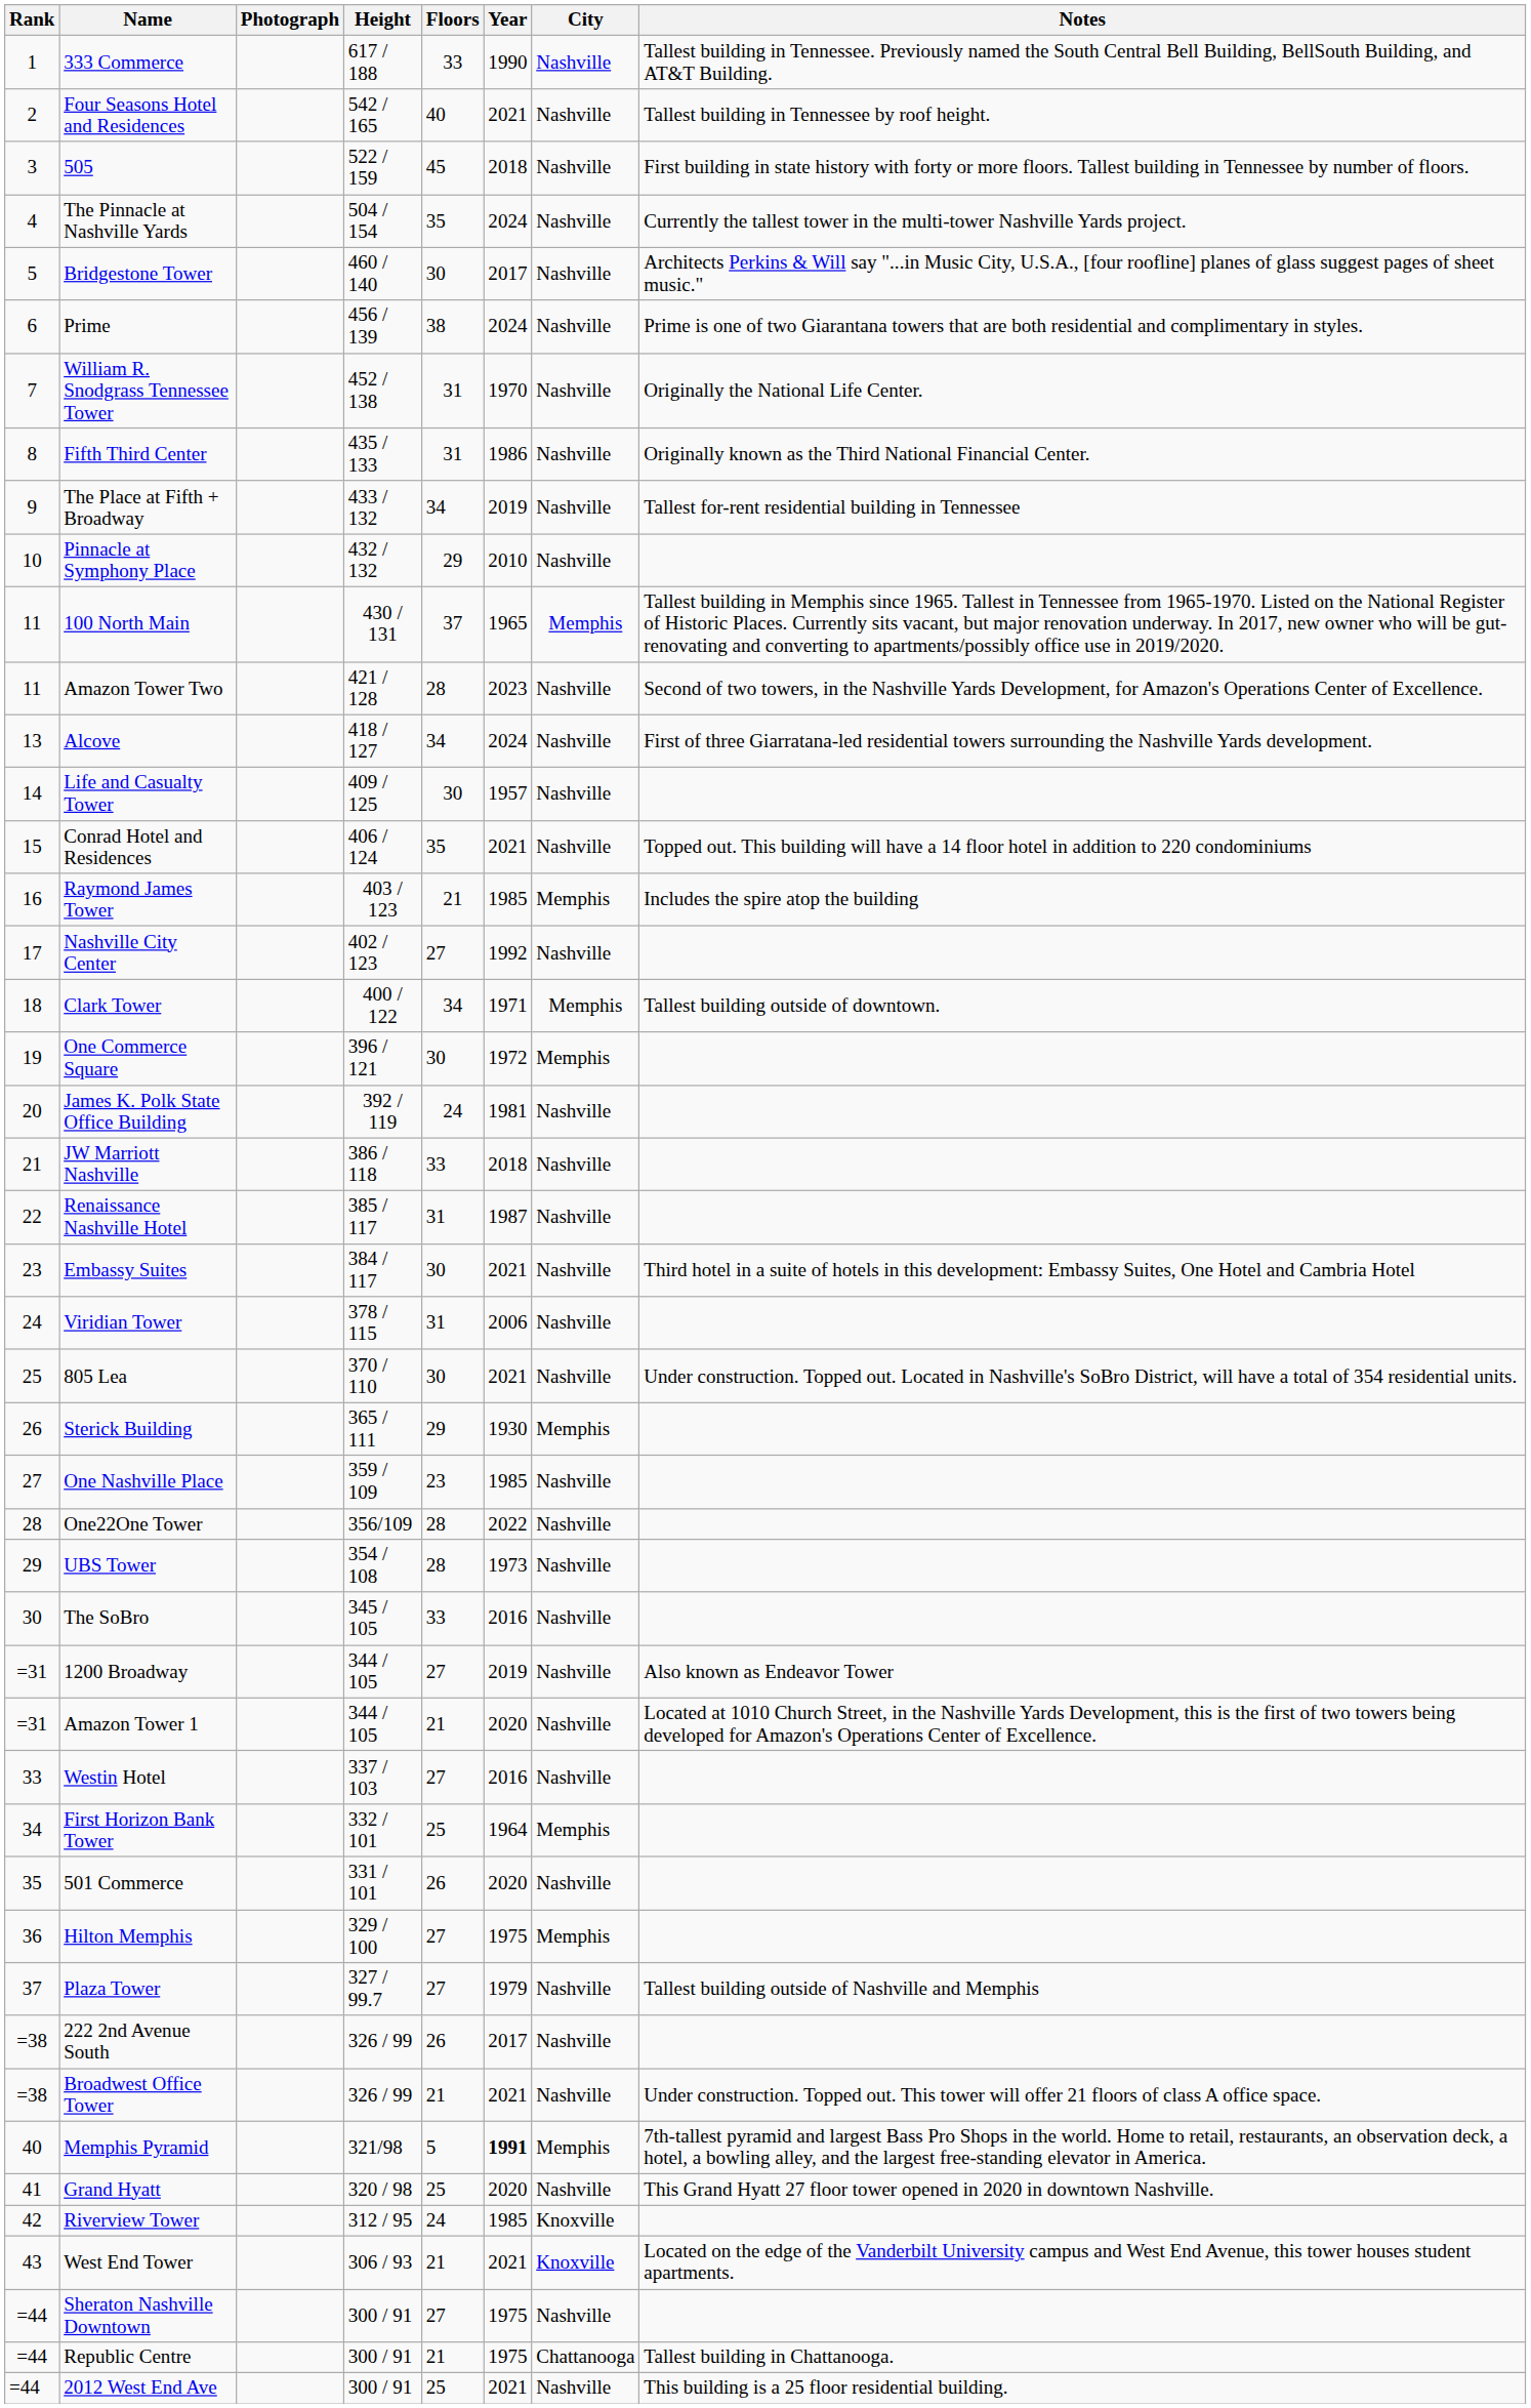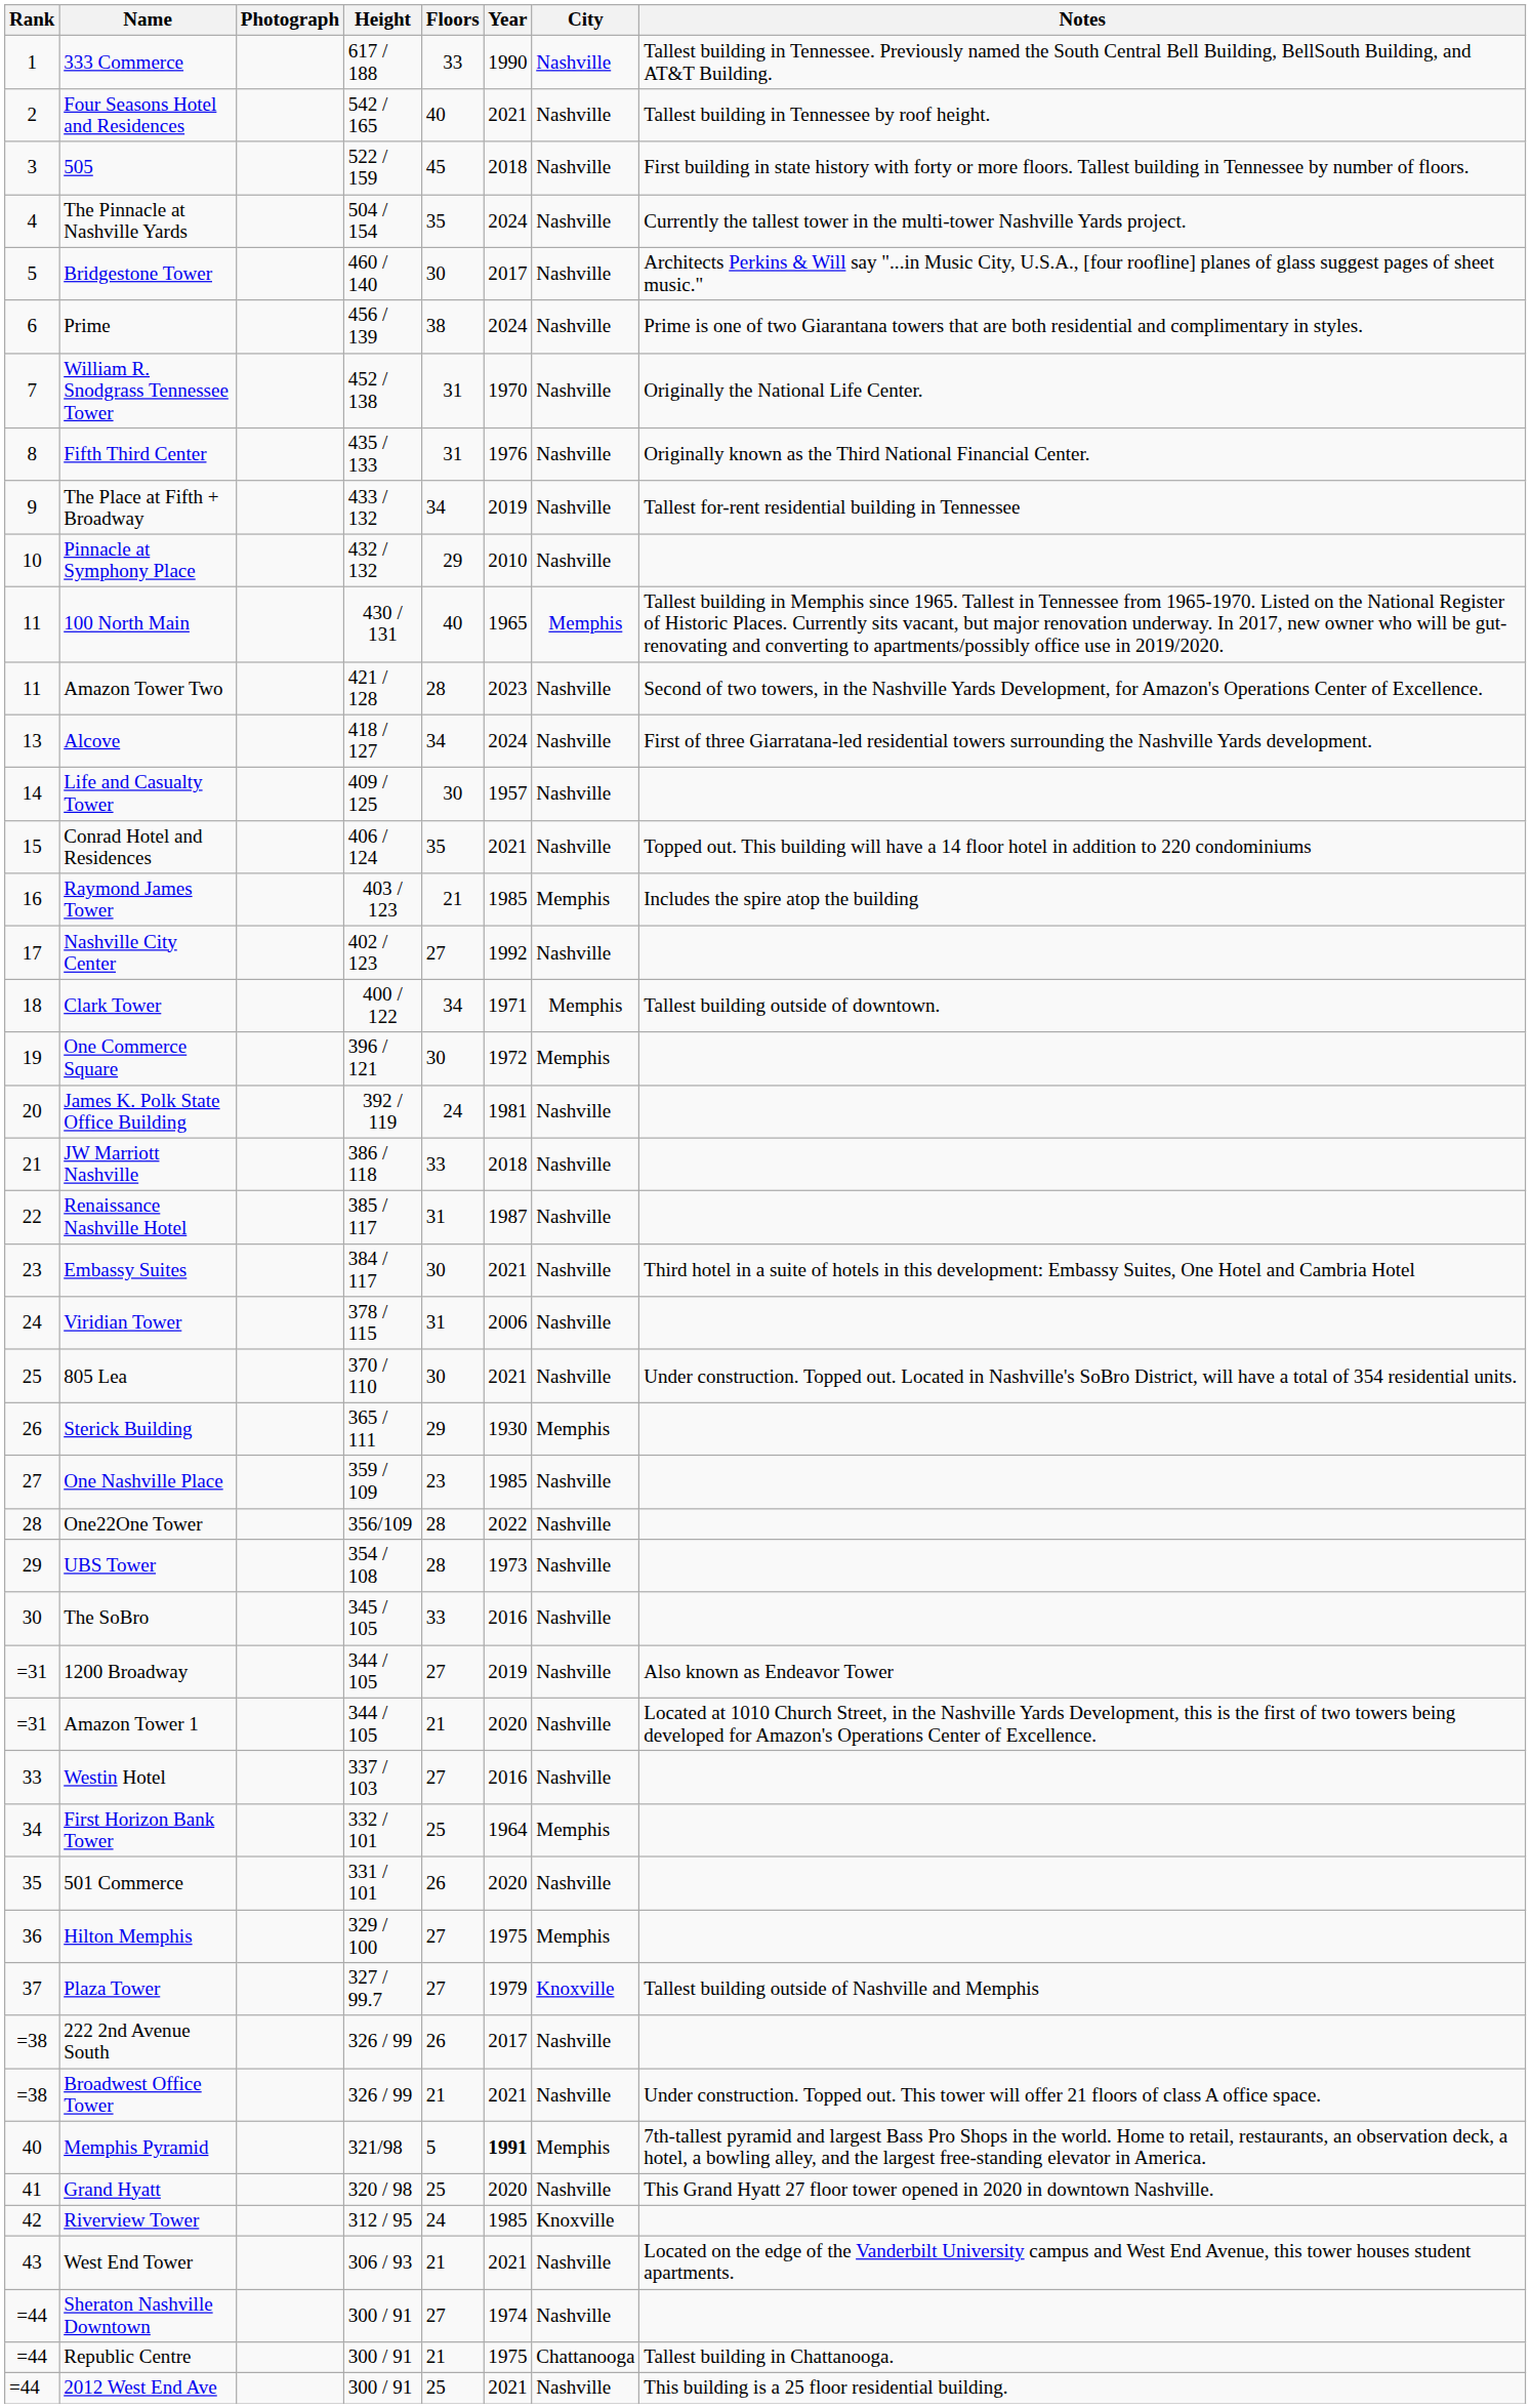 <table class="wikitable sortable">
 <tr>
 <th>Rank</th>
 <th>Name</th>
 <th>Photograph</th>
 <th>Height</th>
 <th>Floors</th>
 <th>Year</th>
 <th>City</th>
 <th class="unsortable">Notes</th>
 </tr>
 <tr>
 <td align="center">1</td>
 <td><a href='#'>333 Commerce</a></td>
 <td></td>
 <td>617 / 188</td>
 <td align="center">33</td>
 <td align="center">1990</td>
 <td><a href='#'>Nashville</a></td>
 <td>Tallest building in Tennessee. Previously named the South Central Bell Building, BellSouth Building, and AT&T Building.</td>
 </tr>
 <tr>
 <td align="center">2</td>
 <td><a href='#'>Four Seasons Hotel and Residences</a></td>
 <td></td>
 <td>542 / 165</td>
 <td>40</td>
 <td>2021</td>
 <td>Nashville</td>
 <td>Tallest building in Tennessee by roof height.</td>
 </tr>
 <tr>
 <td align="center">3</td>
 <td><a href='#'>505</a></td>
 <td></td>
 <td>522 / 159</td>
 <td>45</td>
 <td>2018</td>
 <td>Nashville</td>
 <td>First building in state history with forty or more floors. Tallest building in Tennessee by number of floors.</td>
 </tr>
 <tr>
 <td align="center">4</td>
 <td>The Pinnacle at Nashville Yards</td>
 <td></td>
 <td>504 / 154</td>
 <td>35</td>
 <td>2024</td>
 <td>Nashville</td>
 <td>Currently the tallest tower in the multi-tower Nashville Yards project.</td>
 </tr>
 <tr>
 <td align="center">5</td>
 <td><a href='#'>Bridgestone Tower</a></td>
 <td></td>
 <td>460 / 140</td>
 <td>30</td>
 <td>2017</td>
 <td>Nashville</td>
 <td>Architects <a href='#'>Perkins & Will</a> say "...in Music City, U.S.A., [four roofline] planes of glass suggest pages of sheet music."</td>
 </tr>
 <tr>
 <td align="center">6</td>
 <td>Prime</td>
 <td></td>
 <td>456 / 139</td>
 <td>38</td>
 <td>2024</td>
 <td>Nashville</td>
 <td>Prime is one of two Giarantana towers that are both residential and complimentary in styles.</td>
 </tr>
 <tr>
 <td align="center">7</td>
 <td><a href='#'>William R. Snodgrass Tennessee Tower</a></td>
 <td></td>
 <td>452 / 138</td>
 <td align="center">31</td>
 <td align="center">1970</td>
 <td>Nashville</td>
 <td>Originally the National Life Center.</td>
 </tr>
 <tr>
 <td align="center">8</td>
 <td><a href='#'>Fifth Third Center</a></td>
 <td></td>
 <td>435 / 133</td>
 <td align="center">31</td>
-<td align="center">1986</td>
+<td align="center">1976</td>
 <td>Nashville</td>
 <td>Originally known as the Third National Financial Center.</td>
 </tr>
 <tr>
 <td align="center">9</td>
 <td>The Place at Fifth + Broadway</td>
 <td></td>
 <td>433 / 132</td>
 <td>34</td>
 <td>2019</td>
 <td>Nashville</td>
 <td>Tallest for-rent residential building in Tennessee</td>
 </tr>
 <tr>
 <td align="center">10</td>
 <td><a href='#'>Pinnacle at Symphony Place</a></td>
 <td></td>
 <td>432 / 132</td>
 <td align="center">29</td>
 <td align="center">2010</td>
 <td>Nashville</td>
 <td></td>
 </tr>
 <tr>
 <td align="center">11</td>
 <td><a href='#'>100 North Main</a></td>
 <td></td>
 <td align="center">430 / 131</td>
-<td align="center">37</td>
+<td align="center">40</td>
 <td align="center">1965</td>
 <td align="center"><a href='#'>Memphis</a></td>
 <td>Tallest building in Memphis since 1965. Tallest in Tennessee from 1965-1970. Listed on the National Register of Historic Places. Currently sits vacant, but major renovation underway. In 2017, new owner who will be gut-renovating and converting to apartments/possibly office use in 2019/2020.</td>
 </tr>
 <tr>
 <td align="center">11</td>
 <td>Amazon Tower Two</td>
 <td></td>
 <td>421 / 128</td>
 <td>28</td>
 <td>2023</td>
 <td>Nashville</td>
 <td>Second of two towers, in the Nashville Yards Development, for Amazon's Operations Center of Excellence.</td>
 </tr>
 <tr>
 <td align="center">13</td>
 <td><a href='#'>Alcove</a></td>
 <td></td>
 <td>418 / 127</td>
 <td>34</td>
 <td>2024</td>
 <td>Nashville</td>
 <td>First of three Giarratana-led residential towers surrounding the Nashville Yards development.</td>
 </tr>
 <tr>
 <td align="center">14</td>
 <td><a href='#'>Life and Casualty Tower</a></td>
 <td></td>
 <td>409 / 125</td>
 <td align="center">30</td>
 <td align="center">1957</td>
 <td>Nashville</td>
 <td></td>
 </tr>
 <tr>
 <td align="center">15</td>
 <td>Conrad Hotel and Residences</td>
 <td></td>
 <td>406 / 124</td>
 <td>35</td>
 <td>2021</td>
 <td>Nashville</td>
 <td>Topped out. This building will have a 14 floor hotel in addition to 220 condominiums </td>
 </tr>
 <tr>
 <td align="center">16</td>
 <td><a href='#'>Raymond James Tower</a></td>
 <td></td>
 <td align="center">403 / 123</td>
 <td align="center">21</td>
 <td align="center">1985</td>
 <td>Memphis</td>
 <td>Includes the spire atop the building</td>
 </tr>
 <tr>
 <td align="center">17</td>
 <td><a href='#'>Nashville City Center</a></td>
 <td></td>
 <td>402 / 123</td>
 <td>27</td>
 <td>1992</td>
 <td>Nashville</td>
 <td></td>
 </tr>
 <tr>
 <td align="center">18</td>
 <td><a href='#'>Clark Tower</a></td>
 <td></td>
 <td align="center">400 / 122</td>
 <td align="center">34</td>
 <td align="center">1971</td>
 <td align="center">Memphis</td>
 <td>Tallest building outside of downtown.</td>
 </tr>
 <tr>
 <td align="center">19</td>
 <td><a href='#'>One Commerce Square</a></td>
 <td></td>
 <td>396 / 121</td>
 <td>30</td>
 <td>1972</td>
 <td>Memphis</td>
 <td></td>
 </tr>
 <tr>
 <td align="center">20</td>
 <td><a href='#'>James K. Polk State Office Building</a></td>
 <td></td>
 <td align="center">392 / 119</td>
 <td align="center">24</td>
 <td align="center">1981</td>
 <td>Nashville</td>
 <td></td>
 </tr>
 <tr>
 <td align="center">21</td>
 <td><a href='#'>JW Marriott Nashville</a></td>
 <td></td>
 <td>386 / 118</td>
 <td>33</td>
 <td>2018</td>
 <td>Nashville</td>
 <td></td>
 </tr>
 <tr>
 <td align="center">22</td>
 <td><a href='#'>Renaissance Nashville Hotel</a></td>
 <td></td>
 <td>385 / 117</td>
 <td>31</td>
 <td>1987</td>
 <td>Nashville</td>
 <td></td>
 </tr>
 <tr>
 <td align="center">23</td>
 <td><a href='#'>Embassy Suites</a></td>
 <td></td>
 <td>384 / 117</td>
 <td>30</td>
 <td>2021</td>
 <td>Nashville</td>
 <td>Third hotel in a suite of hotels in this development: Embassy Suites, One Hotel and Cambria Hotel </td>
 </tr>
 <tr>
 <td align="center">24</td>
 <td><a href='#'>Viridian Tower</a></td>
 <td></td>
 <td>378 / 115</td>
 <td>31</td>
 <td>2006</td>
 <td>Nashville</td>
 <td></td>
 </tr>
 <tr>
 <td align="center">25</td>
 <td>805 Lea</td>
 <td></td>
 <td>370 / 110</td>
 <td>30</td>
 <td>2021</td>
 <td>Nashville</td>
 <td>Under construction. Topped out. Located in Nashville's SoBro District, will have a total of 354 residential units.</td>
 </tr>
 <tr>
 <td align="center">26</td>
 <td><a href='#'>Sterick Building</a></td>
 <td></td>
 <td>365 / 111</td>
 <td>29</td>
 <td>1930</td>
 <td>Memphis</td>
 <td></td>
 </tr>
 <tr>
 <td align="center">27</td>
 <td><a href='#'>One Nashville Place</a></td>
 <td></td>
 <td>359 / 109</td>
 <td>23</td>
 <td>1985</td>
 <td>Nashville</td>
 <td></td>
 </tr>
 <tr>
 <td align="center">28</td>
 <td>One22One Tower</td>
 <td></td>
 <td>356/109</td>
 <td>28</td>
 <td>2022</td>
 <td>Nashville</td>
 <td></td>
 </tr>
 <tr>
 <td align="center">29</td>
 <td><a href='#'>UBS Tower</a></td>
 <td></td>
 <td>354 / 108</td>
 <td>28</td>
 <td>1973</td>
 <td>Nashville</td>
 <td></td>
 </tr>
 <tr>
 <td align="center">30</td>
 <td>The SoBro</td>
 <td></td>
 <td>345 / 105</td>
 <td>33</td>
 <td>2016</td>
 <td>Nashville</td>
 <td></td>
 </tr>
 <tr>
 <td align="center">=31</td>
 <td>1200 Broadway</td>
 <td></td>
 <td>344 / 105</td>
 <td>27</td>
 <td>2019</td>
 <td>Nashville</td>
 <td>Also known as Endeavor Tower</td>
 </tr>
 <tr>
 <td align="center">=31</td>
 <td>Amazon Tower 1</td>
 <td></td>
 <td>344 / 105</td>
 <td>21</td>
 <td>2020</td>
 <td>Nashville</td>
 <td>Located at 1010 Church Street, in the Nashville Yards Development, this is the first of two towers being developed for Amazon's Operations Center of Excellence.</td>
 </tr>
 <tr>
 <td align="center">33</td>
 <td><a href='#'>Westin</a> Hotel</td>
 <td></td>
 <td>337 / 103</td>
 <td>27</td>
 <td>2016</td>
 <td>Nashville</td>
 <td></td>
 </tr>
 <tr>
 <td align="center">34</td>
 <td><a href='#'>First Horizon Bank Tower</a></td>
 <td></td>
 <td>332 / 101</td>
 <td>25</td>
 <td>1964</td>
 <td>Memphis</td>
 <td></td>
 </tr>
 <tr>
 <td align="center">35</td>
 <td>501 Commerce</td>
 <td></td>
 <td>331 / 101</td>
 <td>26</td>
 <td>2020</td>
 <td>Nashville</td>
 <td></td>
 </tr>
 <tr>
 <td align="center">36</td>
 <td><a href='#'>Hilton Memphis</a></td>
 <td></td>
 <td>329 / 100</td>
 <td>27</td>
 <td>1975</td>
 <td>Memphis</td>
 <td></td>
 </tr>
 <tr>
 <td align="center">37</td>
 <td><a href='#'>Plaza Tower</a></td>
 <td></td>
 <td>327 / 99.7</td>
 <td>27</td>
 <td>1979</td>
-<td>Nashville</td>
+<td><a href='#'>Knoxville</a></td>
 <td>Tallest building outside of Nashville and Memphis</td>
 </tr>
 <tr>
 <td align="center">=38</td>
 <td>222 2nd Avenue South</td>
 <td></td>
 <td>326 / 99</td>
 <td>26</td>
 <td>2017</td>
 <td>Nashville</td>
 <td></td>
 </tr>
 <tr>
 <td align="center">=38</td>
 <td><a href='#'>Broadwest Office Tower</a></td>
 <td></td>
 <td>326 / 99</td>
 <td>21</td>
 <td>2021</td>
 <td>Nashville</td>
 <td>Under construction. Topped out. This tower will offer 21 floors of class A office space.<br></td>
 </tr>
 <tr>
 <td align="center">40</td>
 <td><a href='#'>Memphis Pyramid</a></td>
 <td></td>
 <td>321/98</td>
 <td>5</td>
 <td><strong>1991</strong></td>
 <td>Memphis</td>
 <td>7th-tallest pyramid and largest Bass Pro Shops in the world. Home to retail, restaurants, an observation deck, a hotel, a bowling alley, and the largest free-standing elevator in America.</td>
 </tr>
 <tr>
 <td align="center">41</td>
 <td><a href='#'>Grand Hyatt</a></td>
 <td></td>
 <td>320 / 98</td>
 <td>25</td>
 <td>2020</td>
 <td>Nashville</td>
 <td>This Grand Hyatt 27 floor tower opened in 2020 in downtown Nashville.</td>
 </tr>
 <tr>
 <td align="center">42</td>
 <td><a href='#'>Riverview Tower</a></td>
 <td></td>
 <td>312 / 95</td>
 <td>24</td>
 <td>1985</td>
 <td>Knoxville</td>
 <td></td>
 </tr>
 <tr>
 <td align="center">43</td>
 <td>West End Tower</td>
 <td></td>
 <td>306 / 93</td>
 <td>21</td>
 <td>2021</td>
-<td><a href='#'>Knoxville</a></td>
+<td>Nashville</td>
 <td>Located on the edge of the <a href='#'>Vanderbilt University</a> campus and West End Avenue, this tower houses student apartments.</td>
 </tr>
 <tr>
 <td align="center">=44</td>
 <td><a href='#'>Sheraton Nashville Downtown</a></td>
 <td></td>
 <td>300 / 91</td>
 <td>27</td>
-<td>1975</td>
+<td>1974</td>
 <td>Nashville</td>
 <td></td>
 </tr>
 <tr>
 <td align="center">=44</td>
 <td>Republic Centre</td>
 <td></td>
 <td>300 / 91</td>
 <td>21</td>
 <td>1975</td>
 <td>Chattanooga</td>
 <td>Tallest building in Chattanooga.</td>
 </tr>
 <tr>
 <td>=44</td>
 <td><a href='#'>2012 West End Ave</a></td>
 <td></td>
 <td>300 / 91</td>
 <td>25</td>
 <td>2021</td>
 <td>Nashville</td>
 <td>This building is a 25 floor residential building.</td>
 </tr>
 <tr>
 </tr>
 </table>
